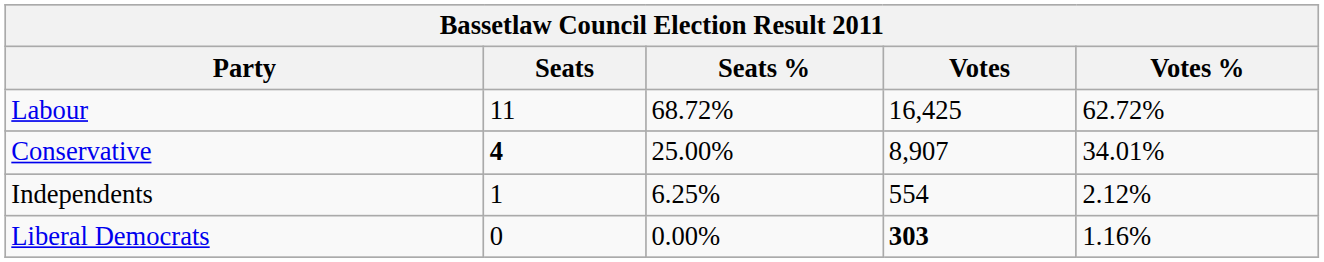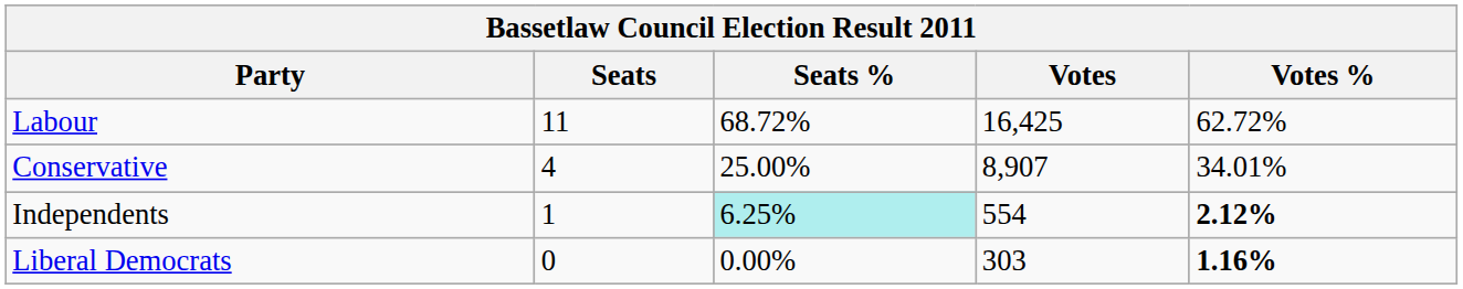 <table class="wikitable" border="1" style="margin: 1em auto 1em auto;" width="50%">
 <tr>
 <th colspan="5">Bassetlaw Council Election Result 2011</th>
 </tr>
 <tr>
 <th>Party</th>
 <th>Seats</th>
 <th>Seats %</th>
 <th>Votes</th>
 <th>Votes %</th>
 </tr>
 <tr>
 <td><a href='#'>Labour</a></td>
 <td>11</td>
 <td>68.72%</td>
 <td>16,425</td>
 <td>62.72%</td>
 </tr>
 <tr>
 <td><a href='#'>Conservative</a></td>
-<td><strong>4</strong></td>
+<td>4</td>
 <td>25.00%</td>
 <td>8,907</td>
 <td>34.01%</td>
 </tr>
 <tr>
 <td>Independents</td>
 <td>1</td>
-<td>6.25%</td>
+<td style="background: paleturquoise;">6.25%</td>
 <td>554</td>
-<td>2.12%</td>
+<td><strong>2.12%</strong></td>
 </tr>
 <tr>
 <td><a href='#'>Liberal Democrats</a></td>
 <td>0</td>
 <td>0.00%</td>
-<td><strong>303</strong></td>
-<td>1.16%</td>
+<td>303</td>
+<td><strong>1.16%</strong></td>
 </tr>
 </table>
